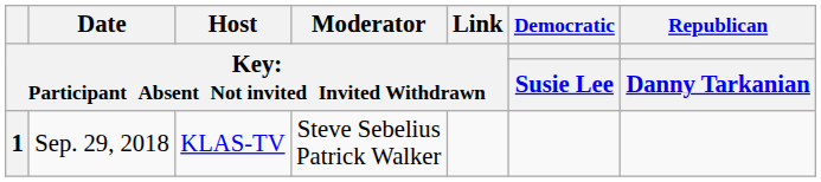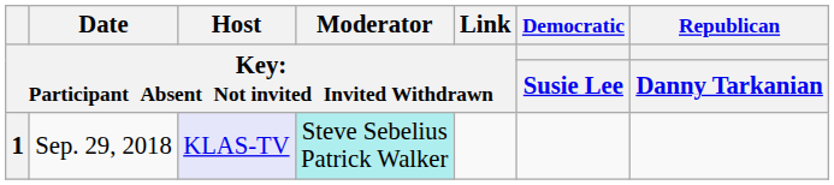 <table class="wikitable" style="text-align:center;">
 <tr>
 <th scope="col"></th>
 <th scope="col">Date</th>
 <th scope="col">Host</th>
 <th scope="col">Moderator</th>
 <th scope="col">Link</th>
 <th scope="col"><small><a href='#'>Democratic</a></small></th>
 <th scope="col"><small><a href='#'>Republican</a></small></th>
 </tr>
 <tr>
 <th colspan="5" rowspan="2">Key:<br> <small>Participant </small>  <small>Absent </small>  <small>Not invited </small>  <small>Invited  Withdrawn</small></th>
 <th scope="col" style="background:"></th>
 <th scope="col" style="background:"></th>
 </tr>
 <tr>
 <th scope="col"><a href='#'>Susie Lee</a></th>
 <th scope="col"><a href='#'>Danny Tarkanian</a></th>
 </tr>
 <tr>
 <th>1</th>
 <td style="white-space:nowrap;">Sep. 29, 2018</td>
-<td style="white-space:nowrap;"><a href='#'>KLAS-TV</a></td>
-<td style="white-space:nowrap;">Steve Sebelius<br>Patrick Walker</td>
+<td style="background: lavender; white-space:nowrap;"><a href='#'>KLAS-TV</a></td>
+<td style="background: paleturquoise; white-space:nowrap;">Steve Sebelius<br>Patrick Walker</td>
 <td style="white-space:nowrap;"></td>
 <td></td>
 <td></td>
 </tr>
 </table>
